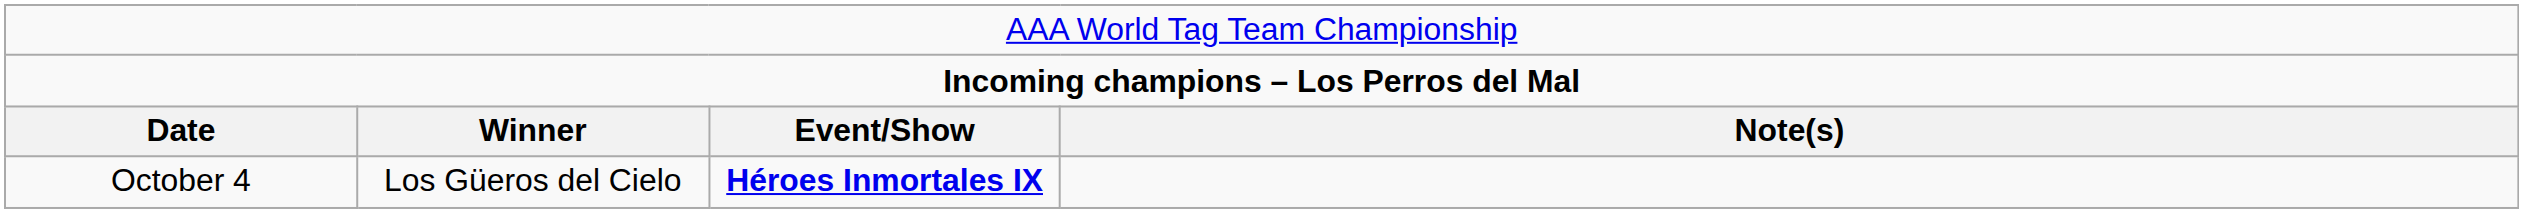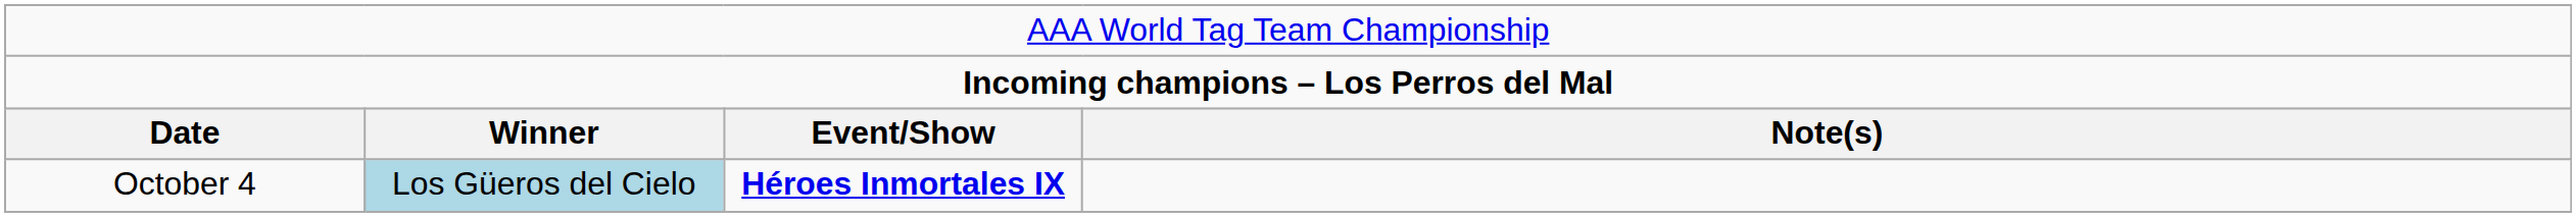 <table class="wikitable" style="text-align:center; width:100%;">
 <tr>
 <td colspan="5"><a href='#'>AAA World Tag Team Championship</a></td>
 </tr>
 <tr>
 <td colspan="5"><strong>Incoming champions – Los Perros del Mal </strong></td>
 </tr>
 <tr>
 <th width="14%">Date</th>
 <th width="14%">Winner</th>
 <th width="14%">Event/Show</th>
 <th width="58%">Note(s)</th>
 </tr>
 <tr>
 <td>October 4</td>
-<td>Los Güeros del Cielo<br></td>
+<td style="background: lightblue;">Los Güeros del Cielo<br></td>
 <td><strong><a href='#'>Héroes Inmortales IX</a></strong></td>
 <td align="left"></td>
 </tr>
 </table>
